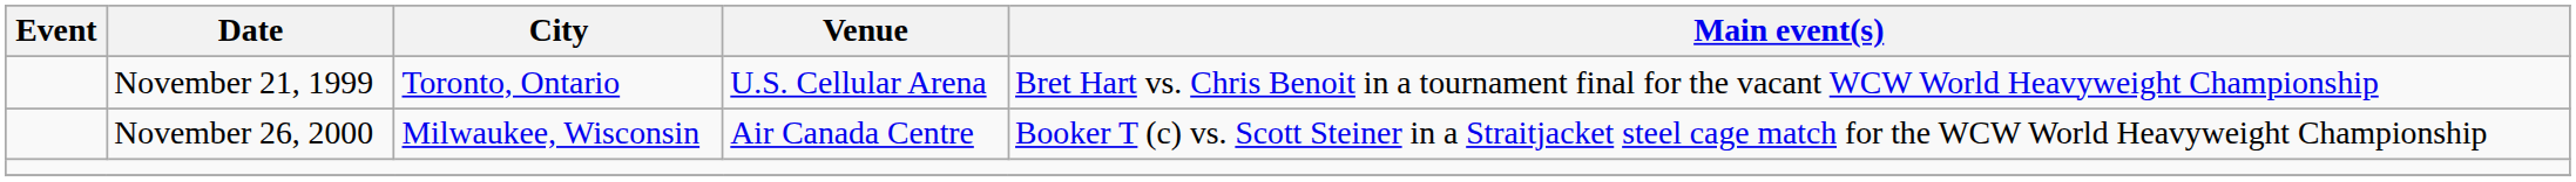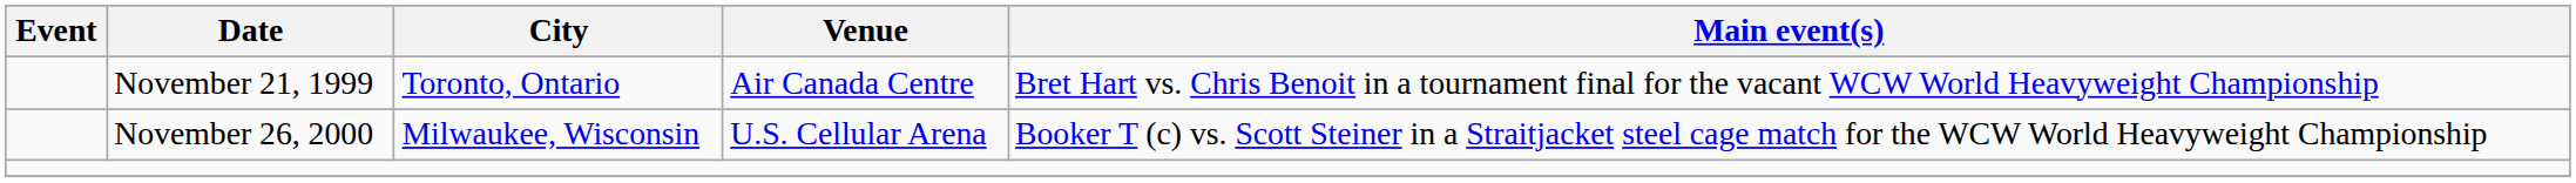 <table class="wikitable sortable" style="align: center" width=100%>
 <tr>
 <th>Event</th>
 <th>Date</th>
 <th>City</th>
 <th>Venue</th>
 <th class="unsortable"><a href='#'>Main event(s)</a></th>
 </tr>
 <tr>
 <td></td>
 <td>November 21, 1999</td>
 <td><a href='#'>Toronto, Ontario</a></td>
-<td><a href='#'>U.S. Cellular Arena</a></td>
+<td><a href='#'>Air Canada Centre</a></td>
 <td><a href='#'>Bret Hart</a> vs. <a href='#'>Chris Benoit</a> in a tournament final for the vacant <a href='#'>WCW World Heavyweight Championship</a></td>
 </tr>
 <tr>
 <td></td>
 <td>November 26, 2000</td>
 <td><a href='#'>Milwaukee, Wisconsin</a></td>
-<td><a href='#'>Air Canada Centre</a></td>
+<td><a href='#'>U.S. Cellular Arena</a></td>
 <td><a href='#'>Booker T</a> (c) vs. <a href='#'>Scott Steiner</a> in a <a href='#'>Straitjacket</a> <a href='#'>steel cage match</a> for the WCW World Heavyweight Championship</td>
 </tr>
 <tr>
 <td colspan="10"></td>
 </tr>
 <tr>
 </tr>
 </table>
